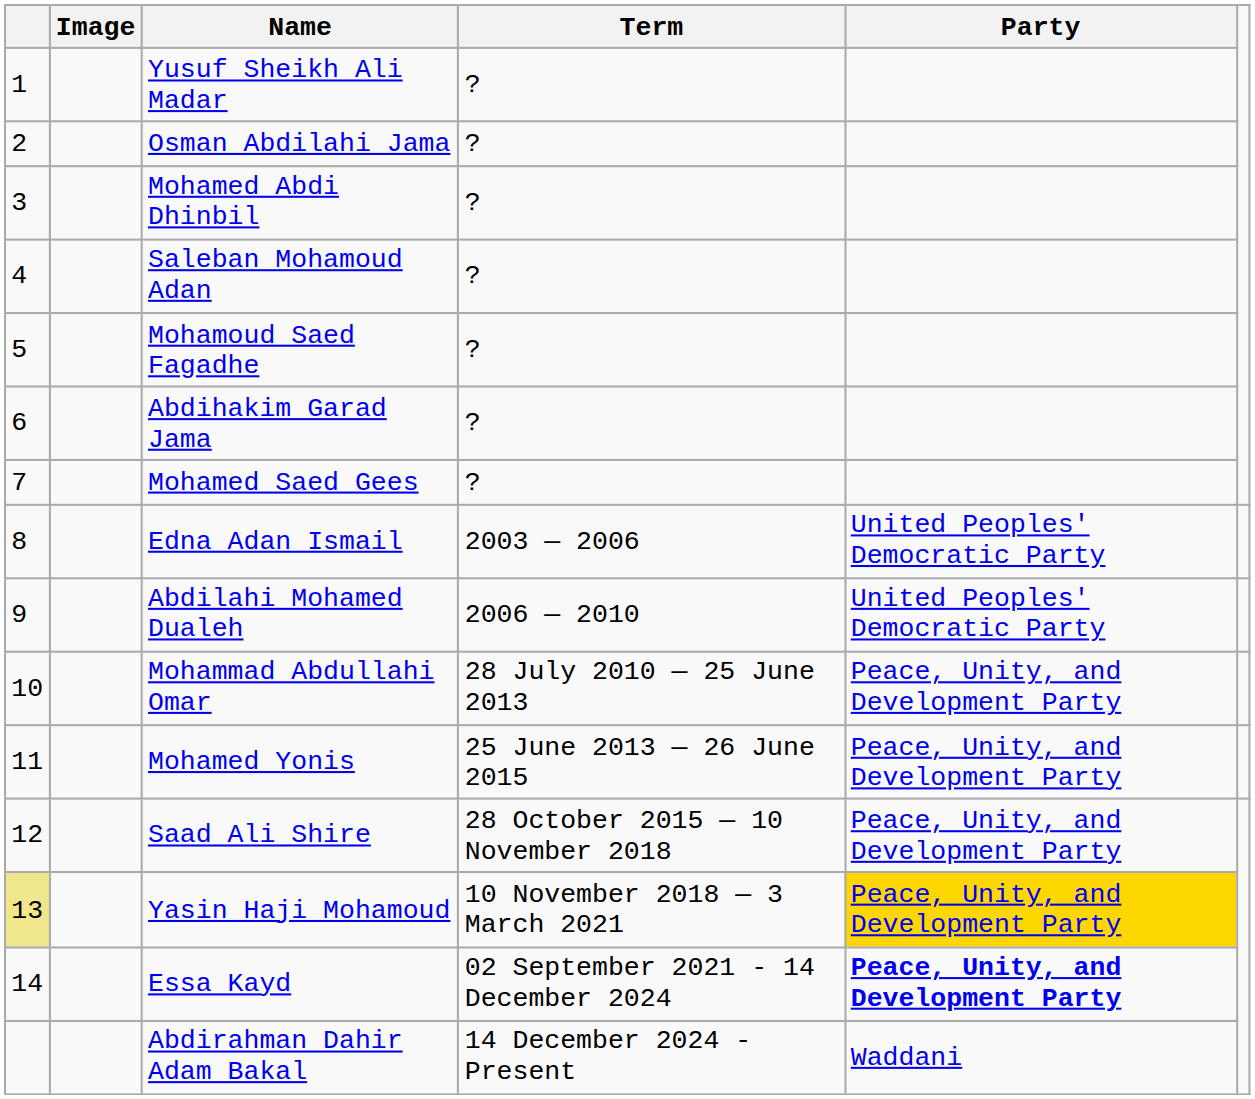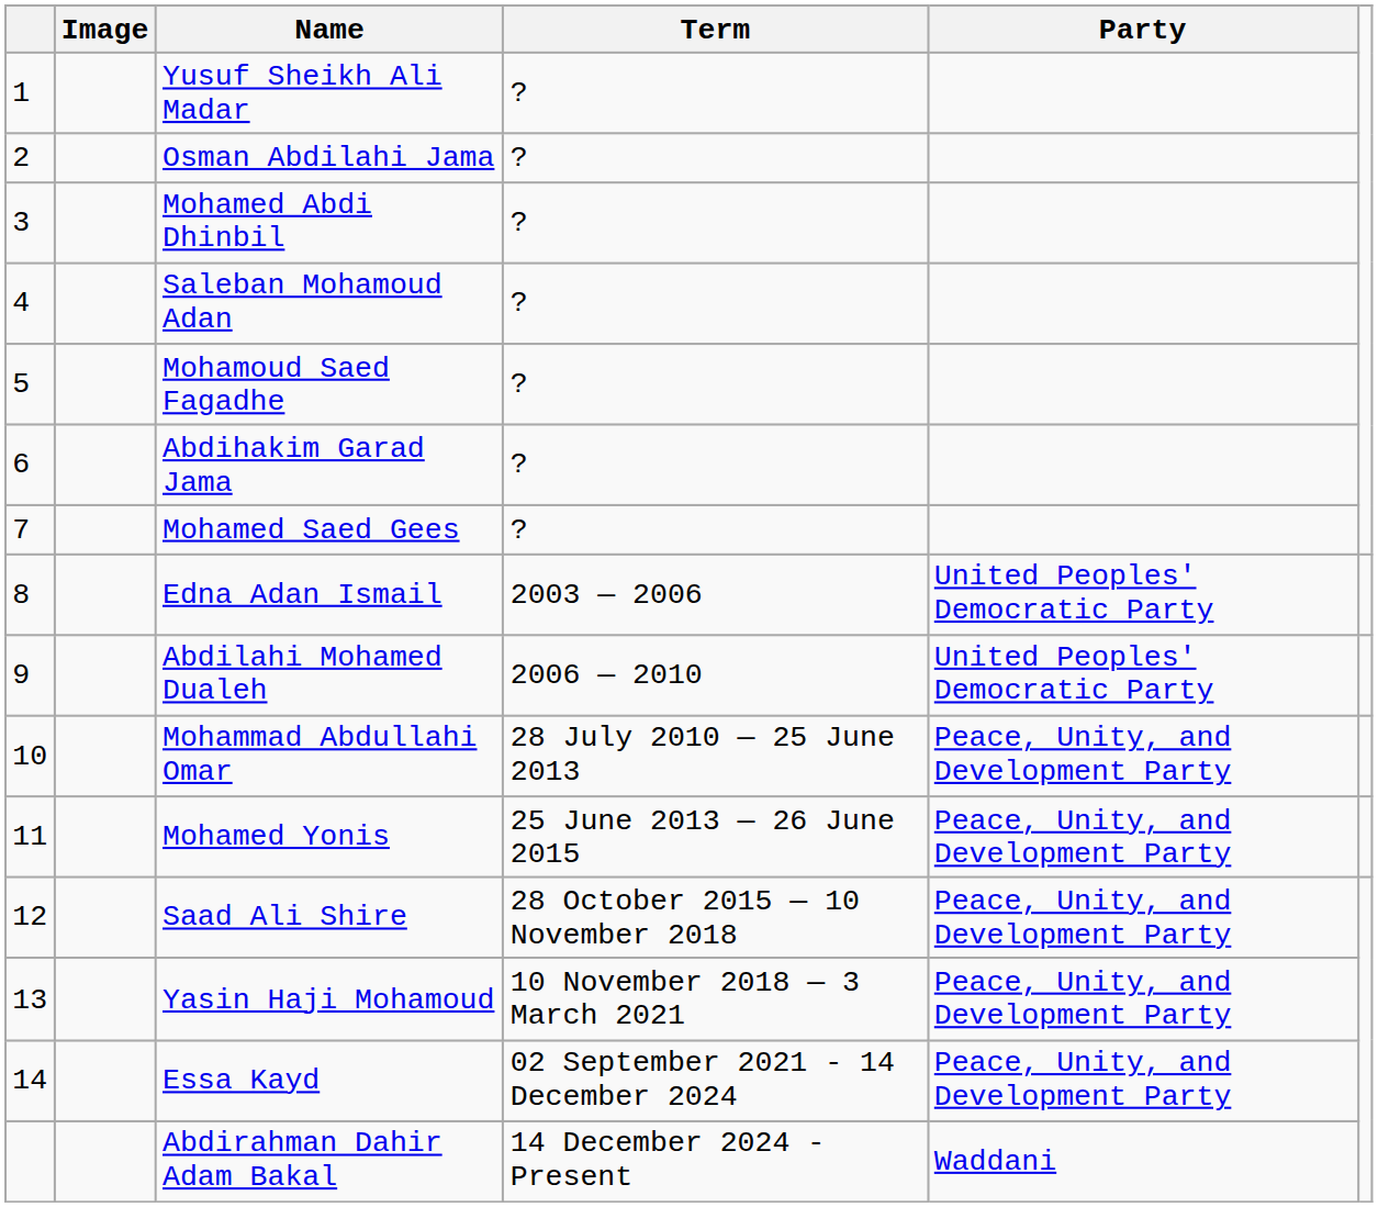 <table class="wikitable">
 <tr>
 <th></th>
 <th>Image</th>
 <th>Name</th>
 <th>Term</th>
 <th>Party</th>
 </tr>
 <tr>
 <td>1</td>
 <td></td>
 <td><a href='#'>Yusuf Sheikh Ali Madar</a></td>
 <td>?</td>
 <td></td>
 </tr>
 <tr>
 <td>2</td>
 <td></td>
 <td><a href='#'>Osman Abdilahi Jama</a></td>
 <td>?</td>
 <td></td>
 </tr>
 <tr>
 <td>3</td>
 <td></td>
 <td><a href='#'>Mohamed Abdi Dhinbil</a></td>
 <td>?</td>
 <td></td>
 </tr>
 <tr>
 <td>4</td>
 <td></td>
 <td><a href='#'>Saleban Mohamoud Adan</a></td>
 <td>?</td>
 <td></td>
 </tr>
 <tr>
 <td>5</td>
 <td></td>
 <td><a href='#'>Mohamoud Saed Fagadhe</a></td>
 <td>?</td>
 <td></td>
 </tr>
 <tr>
 <td>6</td>
 <td></td>
 <td><a href='#'>Abdihakim Garad Jama</a></td>
 <td>?</td>
 <td></td>
 </tr>
 <tr>
 <td>7</td>
 <td></td>
 <td><a href='#'>Mohamed Saed Gees</a></td>
 <td>?</td>
 <td></td>
 </tr>
 <tr>
 <td>8</td>
 <td></td>
 <td><a href='#'>Edna Adan Ismail</a></td>
 <td>2003 — 2006</td>
 <td><a href='#'>United Peoples' Democratic Party</a></td>
 <td></td>
 </tr>
 <tr>
 <td>9</td>
 <td></td>
 <td><a href='#'>Abdilahi Mohamed Dualeh</a></td>
 <td>2006 — 2010</td>
 <td><a href='#'>United Peoples' Democratic Party</a></td>
 <td></td>
 </tr>
 <tr>
 <td>10</td>
 <td></td>
 <td><a href='#'>Mohammad Abdullahi Omar</a></td>
 <td>28 July 2010 — 25 June 2013</td>
 <td><a href='#'>Peace, Unity, and Development Party</a></td>
 <td></td>
 </tr>
 <tr>
 <td>11</td>
 <td></td>
 <td><a href='#'>Mohamed Yonis</a></td>
 <td>25 June 2013 — 26 June 2015</td>
 <td><a href='#'>Peace, Unity, and Development Party</a></td>
 <td></td>
 </tr>
 <tr>
 <td>12</td>
 <td></td>
 <td><a href='#'>Saad Ali Shire</a></td>
 <td>28 October 2015 — 10 November 2018</td>
 <td><a href='#'>Peace, Unity, and Development Party</a></td>
 </tr>
 <tr>
-<td style="background: khaki;">13</td>
+<td>13</td>
 <td></td>
 <td><a href='#'>Yasin Haji Mohamoud</a></td>
 <td>10 November 2018 — 3 March 2021</td>
-<td style="background: gold;"><a href='#'>Peace, Unity, and Development Party</a></td>
+<td><a href='#'>Peace, Unity, and Development Party</a></td>
 </tr>
 <tr>
 <td>14</td>
 <td></td>
 <td><a href='#'>Essa Kayd</a></td>
 <td>02 September 2021 - 14 December 2024</td>
-<td><strong><a href='#'>Peace, Unity, and Development Party</a></strong></td>
+<td><a href='#'>Peace, Unity, and Development Party</a></td>
 </tr>
 <tr>
 <td></td>
 <td></td>
 <td><a href='#'>Abdirahman Dahir Adam Bakal</a></td>
 <td>14 December 2024 - Present</td>
 <td><a href='#'>Waddani</a></td>
 </tr>
 </table>
